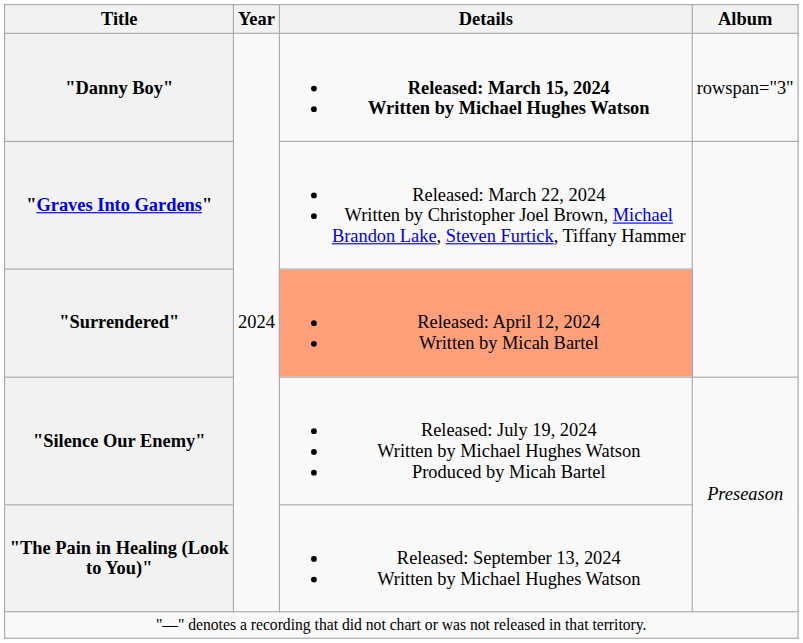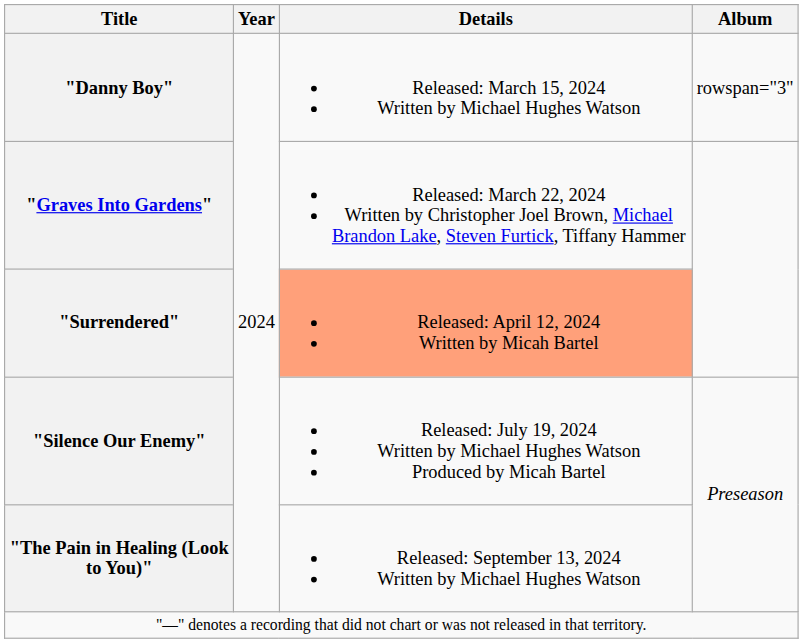 <table class="wikitable plainrowheaders" style="text-align:center;">
 <tr>
 <th scope="col" style="width:12em;">Title</th>
 <th>Year</th>
 <th scope="col" style="width:22em;">Details</th>
 <th>Album</th>
 </tr>
 <tr>
 <th scope="row">"Danny Boy"</th>
 <td rowspan="5">2024</td>
-<td><strong><br><ul><li>Released: March 15, 2024</li><li>Written by Michael Hughes Watson</li></ul></strong></td>
+<td><br><ul><li>Released: March 15, 2024</li><li>Written by Michael Hughes Watson</li></ul></td>
 <td>rowspan="3" </td>
 </tr>
 <tr>
 <th scope="row">"<a href='#'>Graves Into Gardens</a>"</th>
 <td><br><ul><li>Released: March 22, 2024</li><li>Written by Christopher Joel Brown, <a href='#'>Michael Brandon Lake</a>, <a href='#'>Steven Furtick</a>, Tiffany Hammer</li></ul></td>
 </tr>
 <tr>
 <th scope="row">"Surrendered"</th>
 <td style="background: lightsalmon;"><br><ul><li>Released: April 12, 2024</li><li>Written by Micah Bartel</li></ul></td>
 </tr>
 <tr>
 <th scope="row">"Silence Our Enemy"</th>
 <td><br><ul><li>Released: July 19, 2024</li><li>Written by Michael Hughes Watson</li><li>Produced by Micah Bartel</li></ul></td>
 <td rowspan="2"><em>Preseason</em></td>
 </tr>
 <tr>
 <th scope="row">"The Pain in Healing (Look to You)"</th>
 <td><br><ul><li>Released: September 13, 2024</li><li>Written by Michael Hughes Watson</li></ul></td>
 </tr>
 <tr>
 <td colspan="8" style="font-size:85%">"—" denotes a recording that did not chart or was not released in that territory.</td>
 </tr>
 </table>
